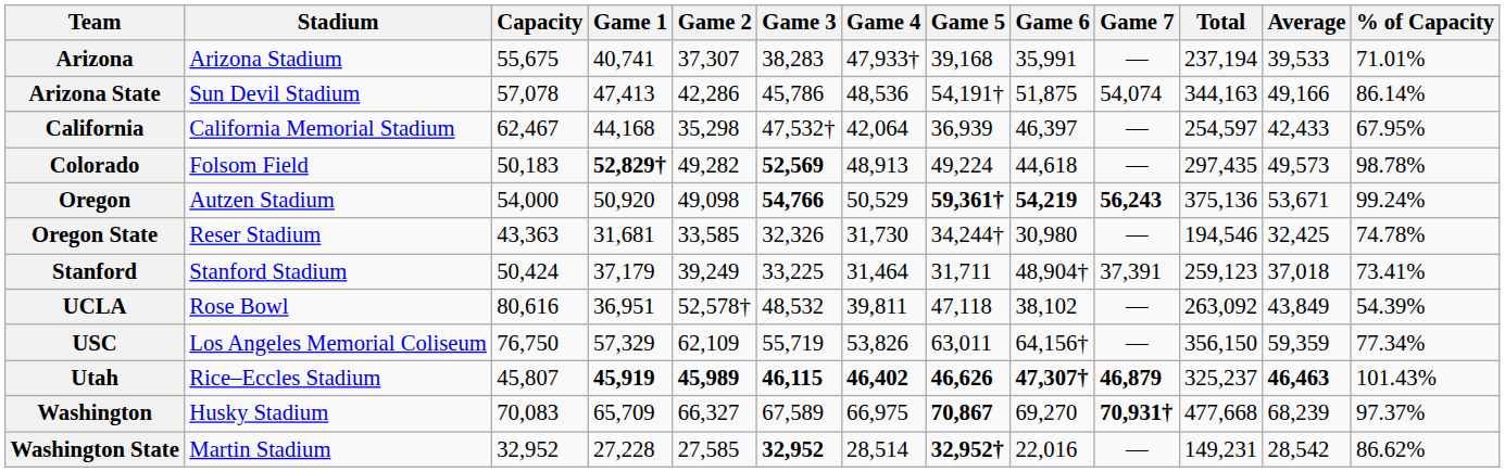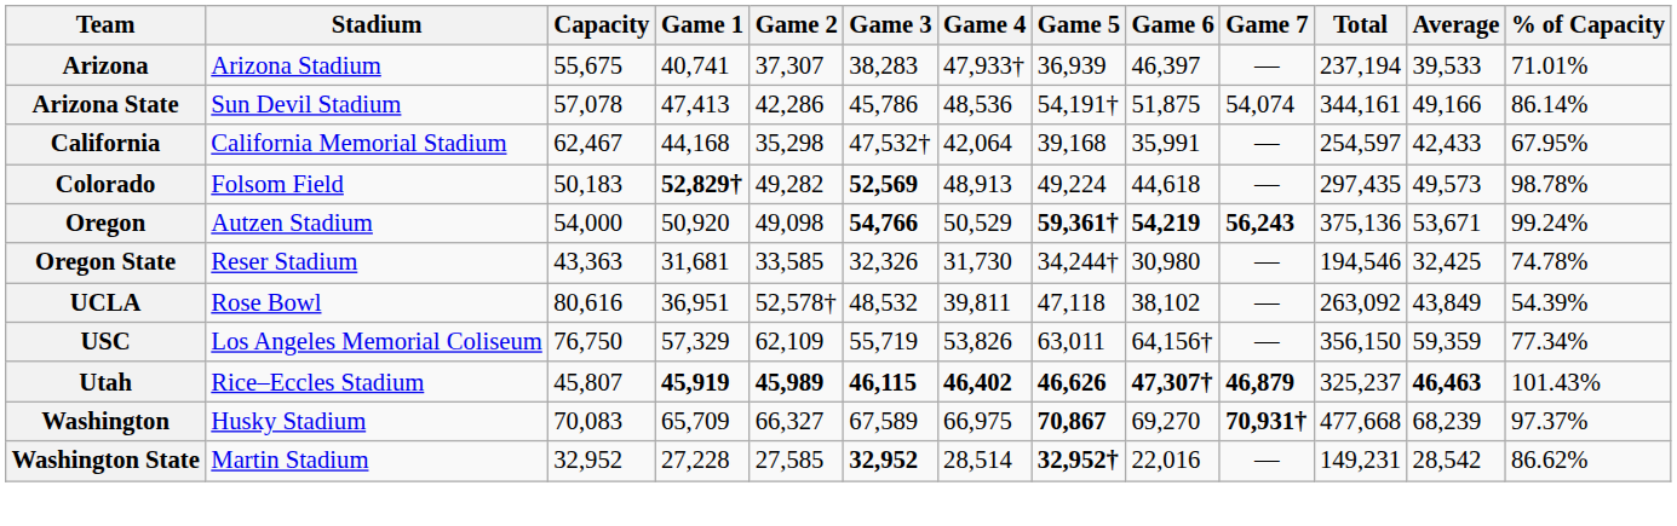 <table class="wikitable">
 <tr>
 <th>Team</th>
 <th>Stadium</th>
 <th>Capacity</th>
 <th>Game 1</th>
 <th>Game 2</th>
 <th>Game 3</th>
 <th>Game 4</th>
 <th>Game 5</th>
 <th>Game 6</th>
 <th>Game 7</th>
 <th>Total</th>
 <th>Average</th>
 <th>% of Capacity</th>
 </tr>
 <tr>
 <th>Arizona</th>
 <td><a href='#'>Arizona Stadium</a></td>
 <td>55,675</td>
 <td>40,741</td>
 <td>37,307</td>
 <td>38,283</td>
 <td>47,933†</td>
-<td>39,168</td>
-<td>35,991</td>
+<td>36,939</td>
+<td>46,397</td>
 <td style="text-align:center;">—</td>
 <td>237,194</td>
 <td>39,533</td>
 <td>71.01%</td>
 </tr>
 <tr>
 <th>Arizona State</th>
 <td><a href='#'>Sun Devil Stadium</a></td>
 <td>57,078</td>
 <td>47,413</td>
 <td>42,286</td>
 <td>45,786</td>
 <td>48,536</td>
 <td>54,191†</td>
 <td>51,875</td>
 <td>54,074</td>
-<td>344,163</td>
+<td>344,161</td>
 <td>49,166</td>
 <td>86.14%</td>
 </tr>
 <tr>
 <th>California</th>
 <td><a href='#'>California Memorial Stadium</a></td>
 <td>62,467</td>
 <td>44,168</td>
 <td>35,298</td>
 <td>47,532†</td>
 <td>42,064</td>
-<td>36,939</td>
-<td>46,397</td>
+<td>39,168</td>
+<td>35,991</td>
 <td style="text-align:center;">—</td>
 <td>254,597</td>
 <td>42,433</td>
 <td>67.95%</td>
 </tr>
 <tr>
 <th>Colorado</th>
 <td><a href='#'>Folsom Field</a></td>
 <td>50,183</td>
 <td><strong>52,829†</strong></td>
 <td>49,282</td>
 <td><strong>52,569</strong></td>
 <td>48,913</td>
 <td>49,224</td>
 <td>44,618</td>
 <td style="text-align:center;">—</td>
 <td>297,435</td>
 <td>49,573</td>
 <td>98.78%</td>
 </tr>
 <tr>
 <th>Oregon</th>
 <td><a href='#'>Autzen Stadium</a></td>
 <td>54,000</td>
 <td>50,920</td>
 <td>49,098</td>
 <td><strong>54,766</strong></td>
 <td>50,529</td>
 <td><strong>59,361†</strong></td>
 <td><strong>54,219</strong></td>
 <td><strong>56,243</strong></td>
 <td>375,136</td>
 <td>53,671</td>
 <td>99.24%</td>
 </tr>
 <tr>
 <th>Oregon State</th>
 <td><a href='#'>Reser Stadium</a></td>
 <td>43,363</td>
 <td>31,681</td>
 <td>33,585</td>
 <td>32,326</td>
 <td>31,730</td>
 <td>34,244†</td>
 <td>30,980</td>
 <td style="text-align:center;">—</td>
 <td>194,546</td>
 <td>32,425</td>
 <td>74.78%</td>
-</tr>
-<tr>
-<th>Stanford</th>
-<td><a href='#'>Stanford Stadium</a></td>
-<td>50,424</td>
-<td>37,179</td>
-<td>39,249</td>
-<td>33,225</td>
-<td>31,464</td>
-<td>31,711</td>
-<td>48,904†</td>
-<td>37,391</td>
-<td>259,123</td>
-<td>37,018</td>
-<td>73.41%</td>
 </tr>
 <tr>
 <th>UCLA</th>
 <td><a href='#'>Rose Bowl</a></td>
 <td>80,616</td>
 <td>36,951</td>
 <td>52,578†</td>
 <td>48,532</td>
 <td>39,811</td>
 <td>47,118</td>
 <td>38,102</td>
 <td style="text-align:center;">—</td>
 <td>263,092</td>
 <td>43,849</td>
 <td>54.39%</td>
 </tr>
 <tr>
 <th>USC</th>
 <td><a href='#'>Los Angeles Memorial Coliseum</a></td>
 <td>76,750</td>
 <td>57,329</td>
 <td>62,109</td>
 <td>55,719</td>
 <td>53,826</td>
 <td>63,011</td>
 <td>64,156†</td>
 <td style="text-align:center;">—</td>
 <td>356,150</td>
 <td>59,359</td>
 <td>77.34%</td>
 </tr>
 <tr>
 <th>Utah</th>
 <td><a href='#'>Rice–Eccles Stadium</a></td>
 <td>45,807</td>
 <td><strong>45,919</strong></td>
 <td><strong>45,989</strong></td>
 <td><strong>46,115</strong></td>
 <td><strong>46,402</strong></td>
 <td><strong>46,626</strong></td>
 <td><strong>47,307†</strong></td>
 <td><strong>46,879</strong></td>
 <td>325,237</td>
 <td><strong>46,463</strong></td>
 <td>101.43%</td>
 </tr>
 <tr>
 <th>Washington</th>
 <td><a href='#'>Husky Stadium</a></td>
 <td>70,083</td>
 <td>65,709</td>
 <td>66,327</td>
 <td>67,589</td>
 <td>66,975</td>
 <td><strong>70,867</strong></td>
 <td>69,270</td>
 <td><strong>70,931†</strong></td>
 <td>477,668</td>
 <td>68,239</td>
 <td>97.37%</td>
 </tr>
 <tr>
 <th>Washington State</th>
 <td><a href='#'>Martin Stadium</a></td>
 <td>32,952</td>
 <td>27,228</td>
 <td>27,585</td>
 <td><strong>32,952</strong></td>
 <td>28,514</td>
 <td><strong>32,952†</strong></td>
 <td>22,016</td>
 <td style="text-align:center;">—</td>
 <td>149,231</td>
 <td>28,542</td>
 <td>86.62%</td>
 </tr>
 </table>
